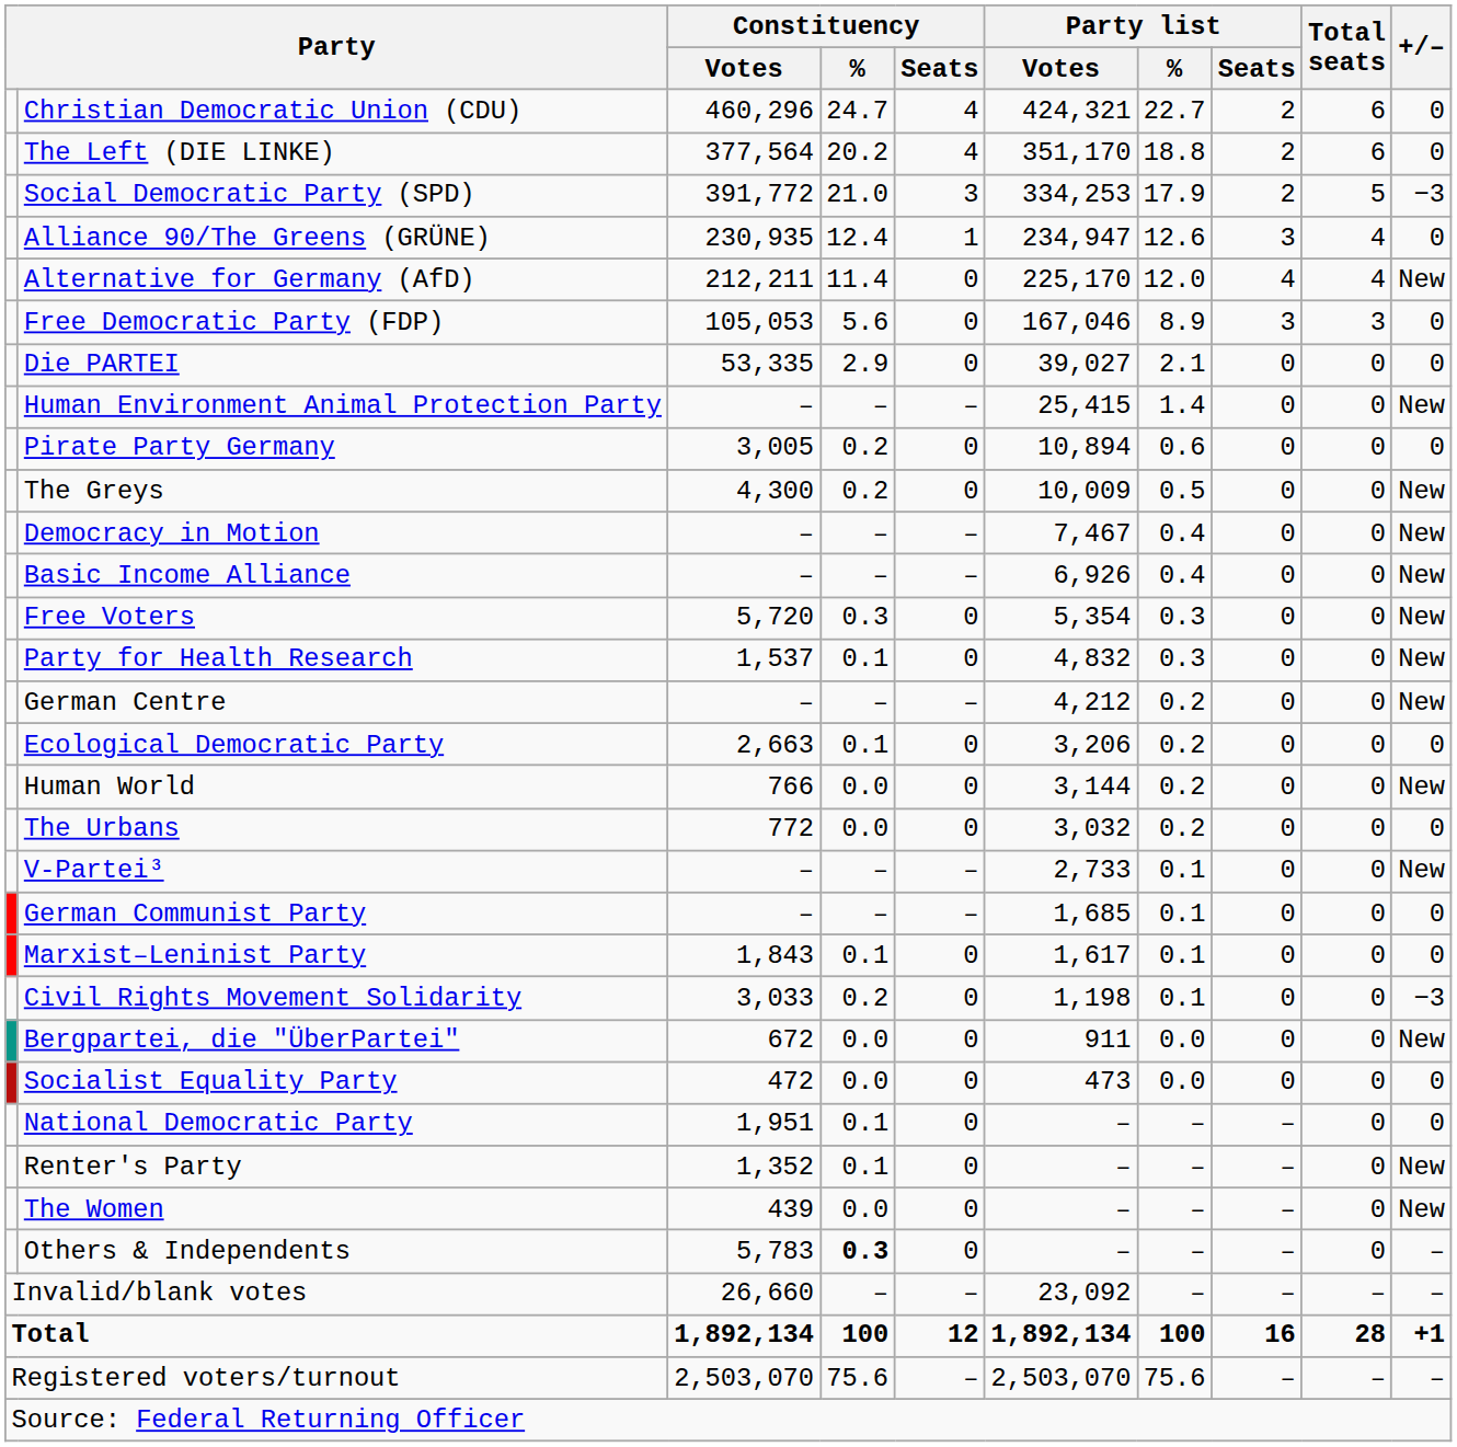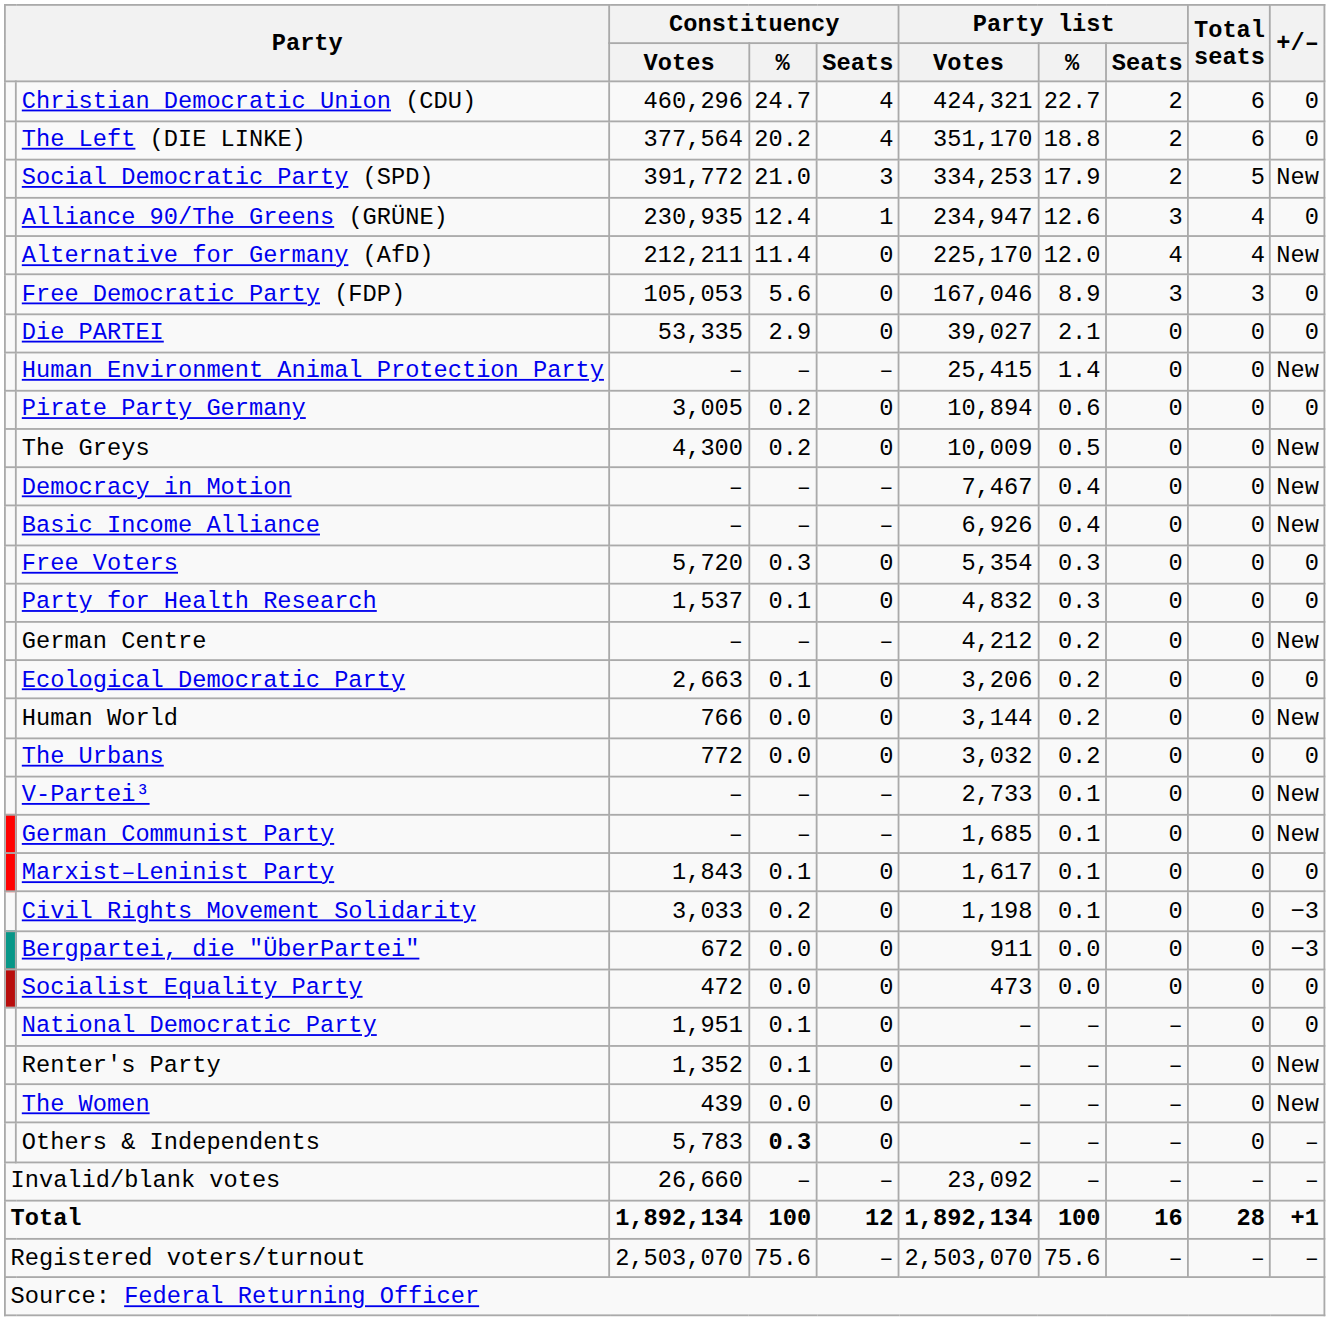 <table class="wikitable" style="text-align:right">
 <tr>
 <th colspan="2" rowspan="2">Party</th>
 <th colspan="3">Constituency</th>
 <th colspan="3">Party list</th>
 <th rowspan="2">Total<br>seats</th>
 <th rowspan="2">+/–</th>
 </tr>
 <tr>
 <th>Votes</th>
 <th>%</th>
 <th>Seats</th>
 <th>Votes</th>
 <th>%</th>
 <th>Seats</th>
 </tr>
 <tr>
 <td></td>
 <td align="left"><a href='#'>Christian Democratic Union</a> (CDU)</td>
 <td>460,296</td>
 <td>24.7</td>
 <td>4</td>
 <td>424,321</td>
 <td>22.7</td>
 <td>2</td>
 <td>6</td>
 <td>0</td>
 </tr>
 <tr>
 <td></td>
 <td align="left"><a href='#'>The Left</a> (DIE LINKE)</td>
 <td>377,564</td>
 <td>20.2</td>
 <td>4</td>
 <td>351,170</td>
 <td>18.8</td>
 <td>2</td>
 <td>6</td>
 <td>0</td>
 </tr>
 <tr>
 <td></td>
 <td align="left"><a href='#'>Social Democratic Party</a> (SPD)</td>
 <td>391,772</td>
 <td>21.0</td>
 <td>3</td>
 <td>334,253</td>
 <td>17.9</td>
 <td>2</td>
 <td>5</td>
-<td>−3</td>
+<td>New</td>
 </tr>
 <tr>
 <td></td>
 <td align="left"><a href='#'>Alliance 90/The Greens</a> (GRÜNE)</td>
 <td>230,935</td>
 <td>12.4</td>
 <td>1</td>
 <td>234,947</td>
 <td>12.6</td>
 <td>3</td>
 <td>4</td>
 <td>0</td>
 </tr>
 <tr>
 <td></td>
 <td align="left"><a href='#'>Alternative for Germany</a> (AfD)</td>
 <td>212,211</td>
 <td>11.4</td>
 <td>0</td>
 <td>225,170</td>
 <td>12.0</td>
 <td>4</td>
 <td>4</td>
 <td>New</td>
 </tr>
 <tr>
 <td></td>
 <td align="left"><a href='#'>Free Democratic Party</a> (FDP)</td>
 <td>105,053</td>
 <td>5.6</td>
 <td>0</td>
 <td>167,046</td>
 <td>8.9</td>
 <td>3</td>
 <td>3</td>
 <td>0</td>
 </tr>
 <tr>
 <td style="background-color:"></td>
 <td align="left"><a href='#'>Die PARTEI</a></td>
 <td>53,335</td>
 <td>2.9</td>
 <td>0</td>
 <td>39,027</td>
 <td>2.1</td>
 <td>0</td>
 <td>0</td>
 <td>0</td>
 </tr>
 <tr>
 <td style="background-color:"></td>
 <td align="left"><a href='#'>Human Environment Animal Protection Party</a></td>
 <td>–</td>
 <td>–</td>
 <td>–</td>
 <td>25,415</td>
 <td>1.4</td>
 <td>0</td>
 <td>0</td>
 <td>New</td>
 </tr>
 <tr>
 <td style="background-color:"></td>
 <td align="left"><a href='#'>Pirate Party Germany</a></td>
 <td>3,005</td>
 <td>0.2</td>
 <td>0</td>
 <td>10,894</td>
 <td>0.6</td>
 <td>0</td>
 <td>0</td>
 <td>0</td>
 </tr>
 <tr>
 <td></td>
 <td align="left">The Greys</td>
 <td>4,300</td>
 <td>0.2</td>
 <td>0</td>
 <td>10,009</td>
 <td>0.5</td>
 <td>0</td>
 <td>0</td>
 <td>New</td>
 </tr>
 <tr>
 <td></td>
 <td align="left"><a href='#'>Democracy in Motion</a></td>
 <td>–</td>
 <td>–</td>
 <td>–</td>
 <td>7,467</td>
 <td>0.4</td>
 <td>0</td>
 <td>0</td>
 <td>New</td>
 </tr>
 <tr>
 <td style="background-color:"></td>
 <td align="left"><a href='#'>Basic Income Alliance</a></td>
 <td>–</td>
 <td>–</td>
 <td>–</td>
 <td>6,926</td>
 <td>0.4</td>
 <td>0</td>
 <td>0</td>
 <td>New</td>
 </tr>
 <tr>
 <td style="background-color:"></td>
 <td align="left"><a href='#'>Free Voters</a></td>
 <td>5,720</td>
 <td>0.3</td>
 <td>0</td>
 <td>5,354</td>
 <td>0.3</td>
 <td>0</td>
 <td>0</td>
-<td>New</td>
+<td>0</td>
 </tr>
 <tr>
 <td></td>
 <td align="left"><a href='#'>Party for Health Research</a></td>
 <td>1,537</td>
 <td>0.1</td>
 <td>0</td>
 <td>4,832</td>
 <td>0.3</td>
 <td>0</td>
 <td>0</td>
-<td>New</td>
+<td>0</td>
 </tr>
 <tr>
 <td></td>
 <td align="left">German Centre</td>
 <td>–</td>
 <td>–</td>
 <td>–</td>
 <td>4,212</td>
 <td>0.2</td>
 <td>0</td>
 <td>0</td>
 <td>New</td>
 </tr>
 <tr>
 <td style="background-color:"></td>
 <td align="left"><a href='#'>Ecological Democratic Party</a></td>
 <td>2,663</td>
 <td>0.1</td>
 <td>0</td>
 <td>3,206</td>
 <td>0.2</td>
 <td>0</td>
 <td>0</td>
 <td>0</td>
 </tr>
 <tr>
 <td></td>
 <td align="left">Human World</td>
 <td>766</td>
 <td>0.0</td>
 <td>0</td>
 <td>3,144</td>
 <td>0.2</td>
 <td>0</td>
 <td>0</td>
 <td>New</td>
 </tr>
 <tr>
 <td></td>
 <td align="left"><a href='#'>The Urbans</a></td>
 <td>772</td>
 <td>0.0</td>
 <td>0</td>
 <td>3,032</td>
 <td>0.2</td>
 <td>0</td>
 <td>0</td>
 <td>0</td>
 </tr>
 <tr>
 <td style="background-color:"></td>
 <td align="left"><a href='#'>V-Partei³</a></td>
 <td>–</td>
 <td>–</td>
 <td>–</td>
 <td>2,733</td>
 <td>0.1</td>
 <td>0</td>
 <td>0</td>
 <td>New</td>
 </tr>
 <tr>
 <td style="background-color:red"></td>
 <td align="left"><a href='#'>German Communist Party</a></td>
 <td>–</td>
 <td>–</td>
 <td>–</td>
 <td>1,685</td>
 <td>0.1</td>
 <td>0</td>
 <td>0</td>
-<td>0</td>
+<td>New</td>
 </tr>
 <tr>
 <td style="background-color:red"></td>
 <td align="left"><a href='#'>Marxist–Leninist Party</a></td>
 <td>1,843</td>
 <td>0.1</td>
 <td>0</td>
 <td>1,617</td>
 <td>0.1</td>
 <td>0</td>
 <td>0</td>
 <td>0</td>
 </tr>
 <tr>
 <td></td>
 <td align="left"><a href='#'>Civil Rights Movement Solidarity</a></td>
 <td>3,033</td>
 <td>0.2</td>
 <td>0</td>
 <td>1,198</td>
 <td>0.1</td>
 <td>0</td>
 <td>0</td>
 <td>−3</td>
 </tr>
 <tr>
 <td style="background-color:#079788"></td>
 <td align="left"><a href='#'>Bergpartei, die "ÜberPartei"</a></td>
 <td>672</td>
 <td>0.0</td>
 <td>0</td>
 <td>911</td>
 <td>0.0</td>
 <td>0</td>
 <td>0</td>
-<td>New</td>
+<td>−3</td>
 </tr>
 <tr>
 <td style="background-color:#B80D0C"></td>
 <td align="left"><a href='#'>Socialist Equality Party</a></td>
 <td>472</td>
 <td>0.0</td>
 <td>0</td>
 <td>473</td>
 <td>0.0</td>
 <td>0</td>
 <td>0</td>
 <td>0</td>
 </tr>
 <tr>
 <td style="background-color:"></td>
 <td align="left"><a href='#'>National Democratic Party</a></td>
 <td>1,951</td>
 <td>0.1</td>
 <td>0</td>
 <td>–</td>
 <td>–</td>
 <td>–</td>
 <td>0</td>
 <td>0</td>
 </tr>
 <tr>
 <td></td>
 <td align="left">Renter's Party</td>
 <td>1,352</td>
 <td>0.1</td>
 <td>0</td>
 <td>–</td>
 <td>–</td>
 <td>–</td>
 <td>0</td>
 <td>New</td>
 </tr>
 <tr>
 <td></td>
 <td align="left"><a href='#'>The Women</a></td>
 <td>439</td>
 <td>0.0</td>
 <td>0</td>
 <td>–</td>
 <td>–</td>
 <td>–</td>
 <td>0</td>
 <td>New</td>
 </tr>
 <tr>
 <td></td>
 <td align="left">Others & Independents</td>
 <td>5,783</td>
 <td><strong>0.3</strong></td>
 <td>0</td>
 <td>–</td>
 <td>–</td>
 <td>–</td>
 <td>0</td>
 <td>–</td>
 </tr>
 <tr>
 <td colspan="2" align="left">Invalid/blank votes</td>
 <td>26,660</td>
 <td>–</td>
 <td>–</td>
 <td>23,092</td>
 <td>–</td>
 <td>–</td>
 <td>–</td>
 <td>–</td>
 </tr>
 <tr>
 <td colspan="2" align="left"><strong>Total</strong></td>
 <td><strong>1,892,134</strong></td>
 <td><strong>100</strong></td>
 <td><strong>12</strong></td>
 <td><strong>1,892,134</strong></td>
 <td><strong>100</strong></td>
 <td><strong>16</strong></td>
 <td><strong>28</strong></td>
 <td><strong>+1</strong></td>
 </tr>
 <tr>
 <td colspan="2" align="left">Registered voters/turnout</td>
 <td>2,503,070</td>
 <td>75.6</td>
 <td>–</td>
 <td>2,503,070</td>
 <td>75.6</td>
 <td>–</td>
 <td>–</td>
 <td>–</td>
 </tr>
 <tr>
 <td colspan="10" align="left">Source: <a href='#'>Federal Returning Officer</a></td>
 </tr>
 </table>
